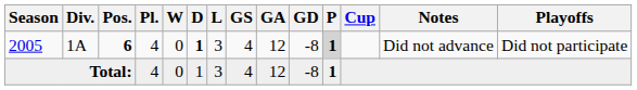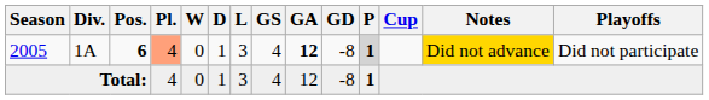 <table class="wikitable">
 <tr style="background:#efefef;">
 <th>Season</th>
 <th>Div.</th>
 <th>Pos.</th>
 <th>Pl.</th>
 <th>W</th>
 <th>D</th>
 <th>L</th>
 <th>GS</th>
 <th>GA</th>
 <th>GD</th>
 <th>P</th>
 <th><a href='#'>Cup</a></th>
 <th>Notes</th>
 <th>Playoffs</th>
 </tr>
 <tr>
 <td><a href='#'>2005</a></td>
 <td>1A</td>
 <td align=right><strong>6</strong></td>
-<td align=right>4</td>
+<td align=right style="background: lightsalmon;">4</td>
 <td align=right>0</td>
-<td align=right><strong>1</strong></td>
+<td align=right>1</td>
 <td align=right>3</td>
 <td align=right>4</td>
-<td align=right>12</td>
+<td align=right><strong>12</strong></td>
 <td align=right>-8</td>
 <td align=right style="background: lightgrey;"><strong>1</strong></td>
 <td></td>
-<td>Did not advance</td>
+<td style="background: gold;">Did not advance</td>
 <td>Did not participate</td>
 </tr>
 <tr style="background:#efefef">
 <td align=right colspan=3><strong>Total:</strong></td>
 <td align=right>4</td>
 <td align=right>0</td>
 <td align=right>1</td>
 <td align=right>3</td>
 <td align=right>4</td>
 <td align=right>12</td>
 <td align=right>-8</td>
 <td align=right><strong>1</strong></td>
 <td colspan=3 bgcolor=#efefef></td>
 </tr>
 </table>
